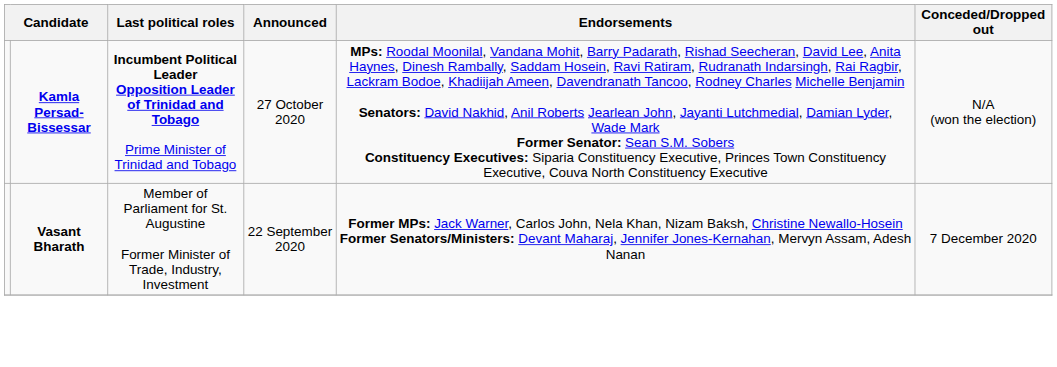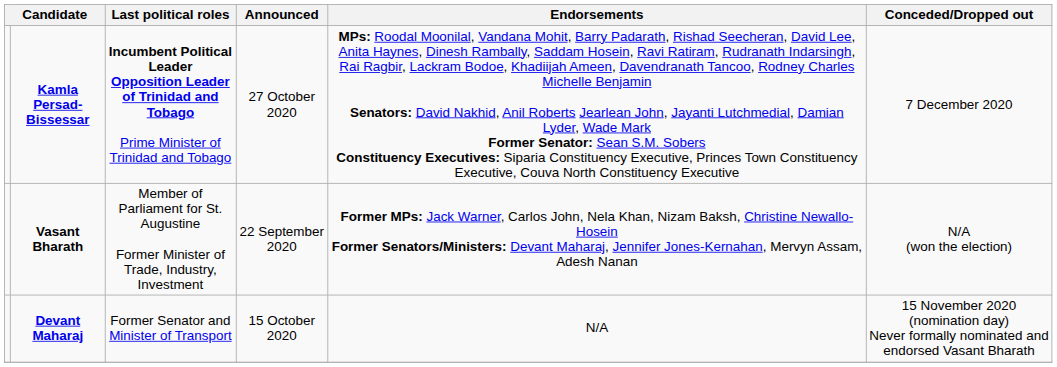 <table class="wikitable" style="text-align:center">
 <tr>
 <th colspan="2">Candidate</th>
 <th>Last political roles</th>
 <th>Announced</th>
 <th>Endorsements</th>
 <th>Conceded/Dropped out</th>
 </tr>
 <tr>
 <td></td>
 <td><strong><a href='#'>Kamla Persad-Bissessar</a></strong></td>
 <td><strong>Incumbent Political Leader</strong>  <br><strong><a href='#'>Opposition Leader of Trinidad and Tobago</a></strong> <br>   <br> <a href='#'>Prime Minister of Trinidad and Tobago</a> <br>  </td>
 <td>27 October 2020</td>
 <td><strong>MPs:</strong> <a href='#'>Roodal Moonilal</a>, <a href='#'>Vandana Mohit</a>, <a href='#'>Barry Padarath</a>, <a href='#'>Rishad Seecheran</a>, <a href='#'>David Lee</a>, <a href='#'>Anita Haynes</a>, <a href='#'>Dinesh Rambally</a>, <a href='#'>Saddam Hosein</a>, <a href='#'>Ravi Ratiram</a>, <a href='#'>Rudranath Indarsingh</a>, <a href='#'>Rai Ragbir</a>, <a href='#'>Lackram Bodoe</a>, <a href='#'>Khadiijah Ameen</a>, <a href='#'>Davendranath Tancoo</a>, <a href='#'>Rodney Charles</a> <a href='#'>Michelle Benjamin</a><br><br><strong>Senators:</strong> <a href='#'>David Nakhid</a>, <a href='#'>Anil Roberts</a> <a href='#'>Jearlean John</a>, <a href='#'>Jayanti Lutchmedial</a>, <a href='#'>Damian Lyder</a>, <a href='#'>Wade Mark</a><br> <strong>Former Senator:</strong> <a href='#'>Sean S.M. Sobers</a><br> <strong>Constituency Executives:</strong> Siparia Constituency Executive, Princes Town Constituency Executive, Couva North Constituency Executive </td>
-<td>N/A<br>(won the election)</td>
+<td>7 December 2020</td>
 </tr>
 <tr>
 <td></td>
 <td><strong>Vasant Bharath</strong></td>
 <td>Member of Parliament for St. Augustine <br><br>Former Minister of Trade, Industry, Investment  </td>
 <td>22 September 2020</td>
 <td><strong>Former MPs:</strong> <a href='#'>Jack Warner</a>, Carlos John, Nela Khan, Nizam Baksh, <a href='#'>Christine Newallo-Hosein</a><br><strong>Former Senators/Ministers:</strong> <a href='#'>Devant Maharaj</a>, <a href='#'>Jennifer Jones-Kernahan</a>, Mervyn Assam, Adesh Nanan</td>
-<td>7 December 2020</td>
+<td>N/A<br>(won the election)</td>
+</tr>
+<tr>
+<td></td>
+<td><strong><a href='#'>Devant Maharaj</a></strong></td>
+<td>Former Senator and <a href='#'>Minister of Transport</a></td>
+<td>15 October 2020</td>
+<td>N/A</td>
+<td>15 November 2020 (nomination day)<br>Never formally nominated and endorsed Vasant Bharath</td>
 </tr>
 <tr>
 </tr>
 </table>
